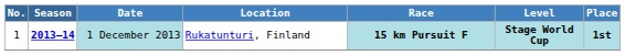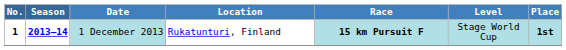 <table class="wikitable sortable" style="font-size:95%; text-align:center; border:grey solid 1px; border-collapse:collapse; background:#ffffff;">
 <tr style="background:#efefef;">
 <th style="background-color:#369; color:white;">No.</th>
 <th style="background-color:#369; color:white;">Season</th>
 <th style="background-color:#4180be; color:white; width:120px;">Date</th>
 <th style="background-color:#4180be; color:white; width:190px;">Location</th>
 <th style="background-color:#4180be; color:white; width:170px;">Race</th>
 <th style="background-color:#4180be; color:white; width:100px;">Level</th>
 <th style="background-color:#4180be; color:white;">Place</th>
 </tr>
 <tr>
-<td align=center>1</td>
+<td align=center><strong>1</strong></td>
 <td rowspan=1 align=center><strong><a href='#'>2013–14</a></strong></td>
 <td bgcolor="#BOEOE6" align=right>1 December 2013</td>
 <td align=left> <a href='#'>Rukatunturi</a>, Finland</td>
 <td bgcolor="#BOEOE6"><strong>15 km Pursuit F</strong></td>
-<td bgcolor="#BOEOE6"><strong>Stage World Cup</strong></td>
+<td bgcolor="#BOEOE6">Stage World Cup</td>
 <td bgcolor="#BOEOE6"><strong>1st</strong></td>
 </tr>
 <tr>
 </tr>
 </table>
